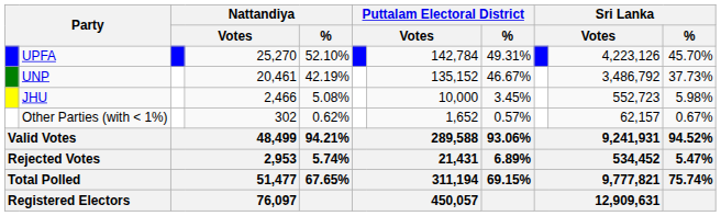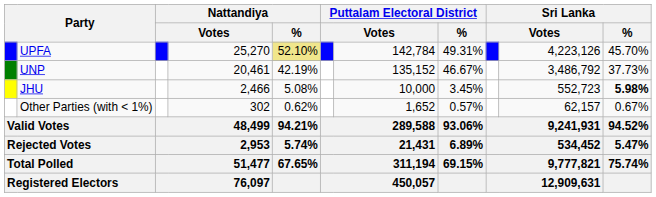 <table class="wikitable">
 <tr>
 <th colspan="2" width="144px"rowspan="2">Party</th>
 <th colspan="3" width="216px">Nattandiya</th>
 <th colspan="3" width="216px"><a href='#'>Puttalam Electoral District</a></th>
 <th colspan="3" width="216px">Sri Lanka</th>
 </tr>
 <tr>
 <th colspan="2" width="144px">Votes</th>
 <th>%</th>
 <th colspan="2" width="144px">Votes</th>
 <th>%</th>
 <th colspan="2" width="144px">Votes</th>
 <th>%</th>
 </tr>
 <tr>
 <td style="background-color:blue;" width="10px"></td>
 <td style="text-align:left;"><a href='#'>UPFA</a></td>
 <td style="background-color:blue;" width="10px"></td>
 <td style="text-align:right;">25,270</td>
-<td style="text-align:right;">52.10%</td>
+<td style="background: khaki; text-align:right;">52.10%</td>
 <td style="background-color:blue;" width="10px"></td>
 <td style="text-align:right;">142,784</td>
 <td style="text-align:right;">49.31%</td>
 <td style="background-color:blue;" width="10px"></td>
 <td style="text-align:right;">4,223,126</td>
 <td style="text-align:right;">45.70%</td>
 </tr>
 <tr>
 <td style="background-color:green;" width="10px"></td>
 <td style="text-align:left;"><a href='#'>UNP</a></td>
 <td style="background-color:white;" width="10px"></td>
 <td style="text-align:right;">20,461</td>
 <td style="text-align:right;">42.19%</td>
 <td style="background-color:white;" width="10px"></td>
 <td style="text-align:right;">135,152</td>
 <td style="text-align:right;">46.67%</td>
 <td style="background-color:white;" width="10px"></td>
 <td style="text-align:right;">3,486,792</td>
 <td style="text-align:right;">37.73%</td>
 </tr>
 <tr>
 <td style="background-color:yellow;" width="10px"></td>
 <td style="text-align:left;"><a href='#'>JHU</a></td>
 <td style="background-color:white;" width="10px"></td>
 <td style="text-align:right;">2,466</td>
 <td style="text-align:right;">5.08%</td>
 <td style="background-color:white;" width="10px"></td>
 <td style="text-align:right;">10,000</td>
 <td style="text-align:right;">3.45%</td>
 <td style="background-color:white;" width="10px"></td>
 <td style="text-align:right;">552,723</td>
-<td style="text-align:right;">5.98%</td>
+<td style="text-align:right;"><strong>5.98%</strong></td>
 </tr>
 <tr>
 <td style="background-color:white;" width="10px"></td>
 <td style="text-align:left;">Other Parties (with < 1%)</td>
 <td style="background-color:white;" width="10px"></td>
 <td style="text-align:right;">302</td>
 <td style="text-align:right;">0.62%</td>
 <td style="background-color:white;" width="10px"></td>
 <td style="text-align:right;">1,652</td>
 <td style="text-align:right;">0.57%</td>
 <td style="background-color:white;" width="10px"></td>
 <td style="text-align:right;">62,157</td>
 <td style="text-align:right;">0.67%</td>
 </tr>
 <tr>
 <th colspan="2" width="144px"style="text-align:left;">Valid Votes</th>
 <th style="text-align:right;"colspan="2" width="144px">48,499</th>
 <th style="text-align:right;">94.21%</th>
 <th style="text-align:right;"colspan="2" width="144px">289,588</th>
 <th style="text-align:right;">93.06%</th>
 <th style="text-align:right;"colspan="2" width="144px">9,241,931</th>
 <th style="text-align:right;">94.52%</th>
 </tr>
 <tr>
 <th colspan="2" width="144px"style="text-align:left;">Rejected Votes</th>
 <th style="text-align:right;"colspan="2" width="144px">2,953</th>
 <th style="text-align:right;">5.74%</th>
 <th style="text-align:right;"colspan="2" width="144px">21,431</th>
 <th style="text-align:right;">6.89%</th>
 <th style="text-align:right;"colspan="2" width="144px">534,452</th>
 <th style="text-align:right;">5.47%</th>
 </tr>
 <tr>
 <th colspan="2" width="144px"style="text-align:left;">Total Polled</th>
 <th style="text-align:right;"colspan="2" width="144px">51,477</th>
 <th style="text-align:right;">67.65%</th>
 <th style="text-align:right;"colspan="2" width="144px">311,194</th>
 <th style="text-align:right;">69.15%</th>
 <th style="text-align:right;"colspan="2" width="144px">9,777,821</th>
 <th style="text-align:right;">75.74%</th>
 </tr>
 <tr>
 <th colspan="2" width="144px"style="text-align:left;">Registered Electors</th>
 <th style="text-align:right;"colspan="2" width="144px">76,097</th>
 <th></th>
 <th style="text-align:right;"colspan="2" width="144px">450,057</th>
 <th></th>
 <th style="text-align:right;"colspan="2" width="144px">12,909,631</th>
 <th></th>
 </tr>
 </table>
